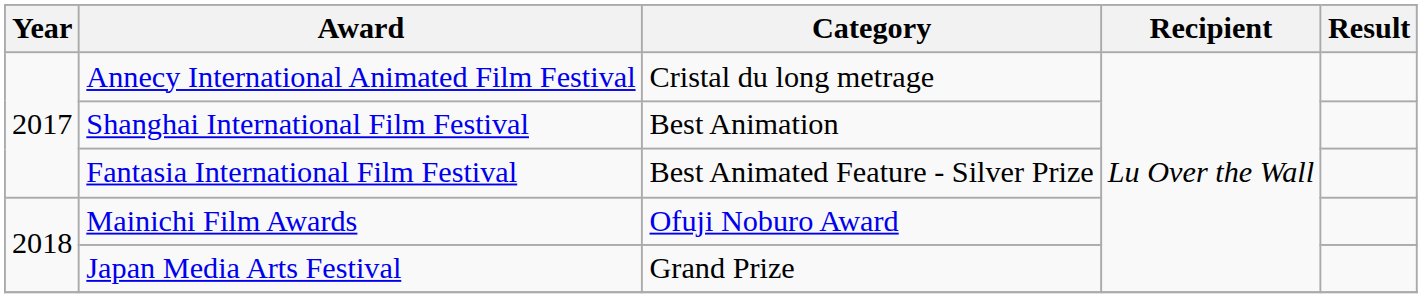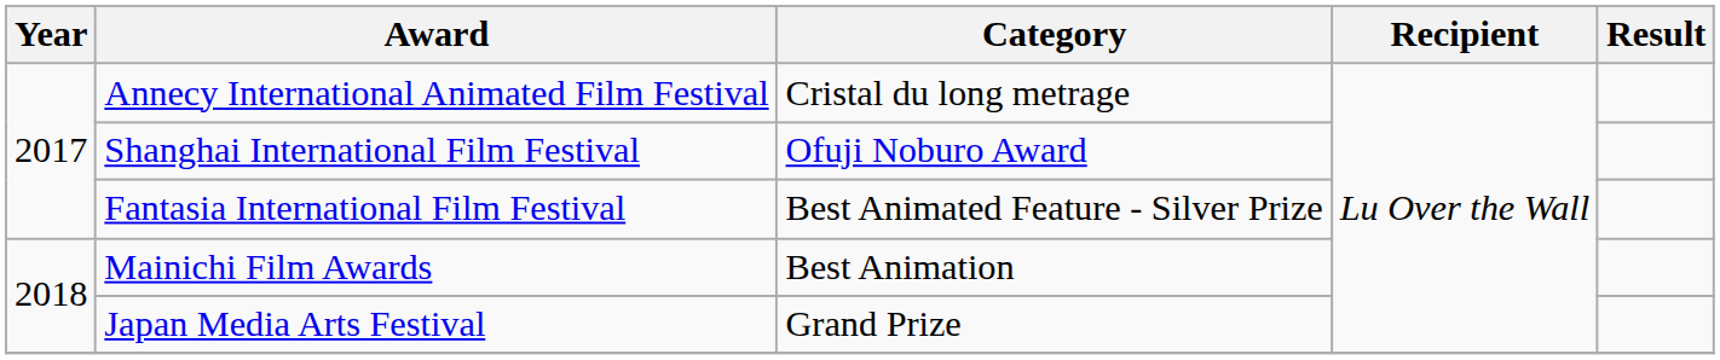 <table class="wikitable sortable">
 <tr>
 <th>Year</th>
 <th>Award</th>
 <th>Category</th>
 <th>Recipient</th>
 <th>Result</th>
 </tr>
 <tr>
 <td rowspan="3">2017</td>
 <td><a href='#'>Annecy International Animated Film Festival</a></td>
 <td>Cristal du long metrage</td>
 <td rowspan=5;><em>Lu Over the Wall</em></td>
 <td></td>
 </tr>
 <tr>
 <td><a href='#'>Shanghai International Film Festival</a></td>
-<td>Best Animation</td>
+<td><a href='#'>Ofuji Noburo Award</a></td>
 <td></td>
 </tr>
 <tr>
 <td><a href='#'>Fantasia International Film Festival</a></td>
 <td>Best Animated Feature - Silver Prize</td>
 <td></td>
 </tr>
 <tr>
 <td rowspan="2">2018</td>
 <td><a href='#'>Mainichi Film Awards</a></td>
-<td><a href='#'>Ofuji Noburo Award</a></td>
+<td>Best Animation</td>
 <td></td>
 </tr>
 <tr>
 <td><a href='#'>Japan Media Arts Festival</a></td>
 <td>Grand Prize</td>
 <td></td>
 </tr>
 <tr>
 </tr>
 </table>
